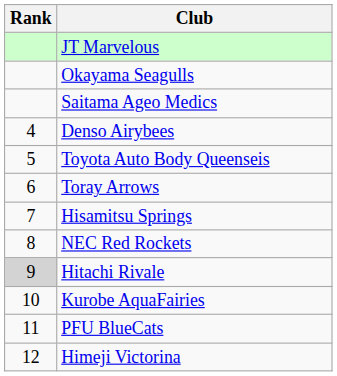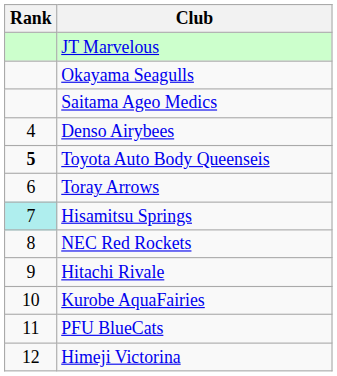 <table class="wikitable" style="text-align: center;">
 <tr>
 <th width=40>Rank</th>
 <th width=240>Club</th>
 </tr>
 <tr align=center bgcolor=#ccffcc>
 <td></td>
 <td style="text-align:left;"><a href='#'>JT Marvelous</a></td>
 </tr>
 <tr align=center>
 <td></td>
 <td style="text-align:left;"><a href='#'>Okayama Seagulls</a></td>
 </tr>
 <tr align=center>
 <td></td>
 <td style="text-align:left;"><a href='#'>Saitama Ageo Medics</a></td>
 </tr>
 <tr align=center>
 <td>4</td>
 <td style="text-align:left;"><a href='#'>Denso Airybees</a></td>
 </tr>
 <tr align=center>
-<td>5</td>
+<td><strong>5</strong></td>
 <td style="text-align:left;"><a href='#'>Toyota Auto Body Queenseis</a></td>
 </tr>
 <tr align=center>
 <td>6</td>
 <td style="text-align:left;"><a href='#'>Toray Arrows</a></td>
 </tr>
 <tr align=center>
-<td>7</td>
+<td style="background: paleturquoise;">7</td>
 <td style="text-align:left;"><a href='#'>Hisamitsu Springs</a></td>
 </tr>
 <tr align=center>
 <td>8</td>
 <td style="text-align:left;"><a href='#'>NEC Red Rockets</a></td>
 </tr>
 <tr align=center>
-<td style="background: lightgrey;">9</td>
+<td>9</td>
 <td style="text-align:left;"><a href='#'>Hitachi Rivale</a></td>
 </tr>
 <tr align=center>
 <td>10</td>
 <td style="text-align:left;"><a href='#'>Kurobe AquaFairies</a></td>
 </tr>
 <tr align=center>
 <td>11</td>
 <td style="text-align:left;"><a href='#'>PFU BlueCats</a></td>
 </tr>
 <tr align=center>
 <td>12</td>
 <td style="text-align:left;"><a href='#'>Himeji Victorina</a></td>
 </tr>
 </table>
